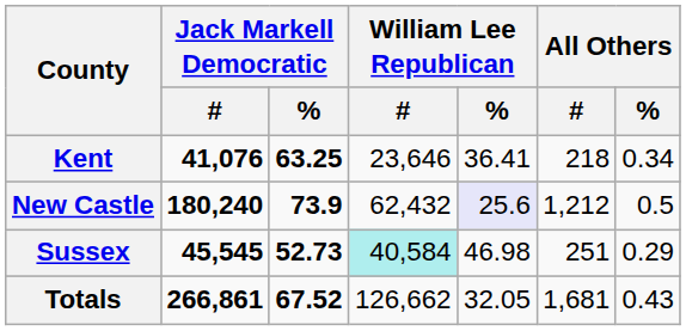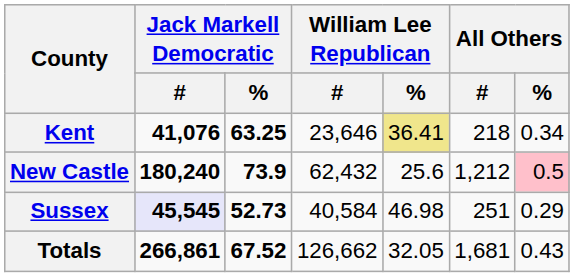 <table class="wikitable sortable" style="text-align:right;font-size:90%;line-height:1.3">
 <tr>
 <th rowspan="2">County</th>
 <th colspan="2"><a href='#'>Jack Markell</a><br><a href='#'>Democratic</a></th>
 <th colspan="2">William Lee<br><a href='#'>Republican</a></th>
 <th colspan="2">All Others</th>
 </tr>
 <tr>
 <th data-sort-type="number">#</th>
 <th data-sort-type="number">%</th>
 <th data-sort-type="number">#</th>
 <th data-sort-type="number">%</th>
 <th data-sort-type="number">#</th>
 <th data-sort-type="number">%</th>
 </tr>
 <tr>
 <th><a href='#'>Kent</a></th>
 <td><strong>41,076</strong></td>
 <td><strong>63.25</strong></td>
 <td>23,646</td>
-<td>36.41</td>
+<td style="background: khaki;">36.41</td>
 <td>218</td>
 <td>0.34</td>
 </tr>
 <tr>
 <th><a href='#'>New Castle</a></th>
 <td><strong>180,240</strong></td>
 <td><strong>73.9</strong></td>
 <td>62,432</td>
-<td style="background: lavender;">25.6</td>
+<td>25.6</td>
 <td>1,212</td>
-<td>0.5</td>
+<td style="background: pink;">0.5</td>
 </tr>
 <tr>
 <th><a href='#'>Sussex</a></th>
-<td><strong>45,545</strong></td>
+<td style="background: lavender;"><strong>45,545</strong></td>
 <td><strong>52.73</strong></td>
-<td style="background: paleturquoise;">40,584</td>
+<td>40,584</td>
 <td>46.98</td>
 <td>251</td>
 <td>0.29</td>
 </tr>
 <tr class="sortbottom">
 <th>Totals</th>
 <td><strong>266,861</strong></td>
 <td><strong>67.52</strong></td>
 <td>126,662</td>
 <td>32.05</td>
 <td>1,681</td>
 <td>0.43</td>
 </tr>
 </table>
